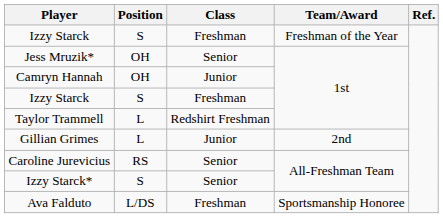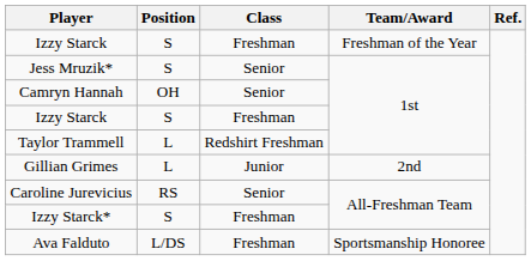 <table class="wikitable" style="width: 60%;text-align: center;">
 <tr>
 <th>Player</th>
 <th>Position</th>
 <th>Class</th>
 <th>Team/Award</th>
 <th>Ref.</th>
 </tr>
 <tr align="center">
 <td>Izzy Starck</td>
 <td>S</td>
 <td>Freshman</td>
 <td rowspan="1">Freshman of the Year</td>
 <td rowspan="9"></td>
 </tr>
 <tr align="center">
 <td>Jess Mruzik*</td>
-<td>OH</td>
+<td>S</td>
 <td>Senior</td>
 <td rowspan="4">1st</td>
 </tr>
 <tr align="center">
 <td>Camryn Hannah</td>
 <td>OH</td>
-<td>Junior</td>
+<td>Senior</td>
 </tr>
 <tr align="center">
 <td>Izzy Starck</td>
 <td>S</td>
 <td>Freshman</td>
 </tr>
 <tr align="center">
 <td>Taylor Trammell</td>
 <td>L</td>
 <td>Redshirt Freshman</td>
 </tr>
 <tr align="center">
 <td>Gillian Grimes</td>
 <td>L</td>
 <td>Junior</td>
 <td rowspan="1">2nd</td>
 </tr>
 <tr align="center">
 <td>Caroline Jurevicius</td>
 <td>RS</td>
 <td>Senior</td>
 <td rowspan="2">All-Freshman Team</td>
 </tr>
 <tr align="center">
 <td>Izzy Starck*</td>
 <td>S</td>
-<td>Senior</td>
+<td>Freshman</td>
 </tr>
 <tr align="center">
 <td>Ava Falduto</td>
 <td>L/DS</td>
 <td>Freshman</td>
 <td rowspan="1">Sportsmanship Honoree</td>
 </tr>
 </table>
